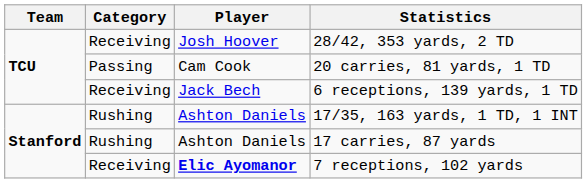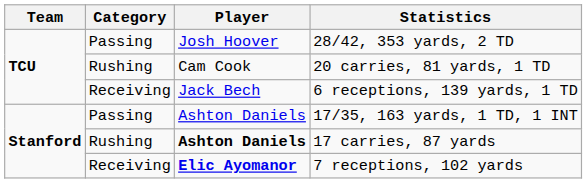 <table class="wikitable" style="float: right;">
 <tr>
 <th>Team</th>
 <th>Category</th>
 <th>Player</th>
 <th>Statistics</th>
 </tr>
 <tr>
 <td rowspan=3><strong>TCU</strong></td>
-<td>Receiving</td>
+<td>Passing</td>
 <td><a href='#'>Josh Hoover</a></td>
 <td>28/42, 353 yards, 2 TD</td>
 </tr>
 <tr>
-<td>Passing</td>
+<td>Rushing</td>
 <td>Cam Cook</td>
 <td>20 carries, 81 yards, 1 TD</td>
 </tr>
 <tr>
 <td>Receiving</td>
 <td><a href='#'>Jack Bech</a></td>
 <td>6 receptions, 139 yards, 1 TD</td>
 </tr>
 <tr>
 <td rowspan=3><strong>Stanford</strong></td>
-<td>Rushing</td>
+<td>Passing</td>
 <td><a href='#'>Ashton Daniels</a></td>
 <td>17/35, 163 yards, 1 TD, 1 INT</td>
 </tr>
 <tr>
 <td>Rushing</td>
-<td>Ashton Daniels</td>
+<td><strong>Ashton Daniels</strong></td>
 <td>17 carries, 87 yards</td>
 </tr>
 <tr>
 <td>Receiving</td>
 <td><strong><a href='#'>Elic Ayomanor</a></strong></td>
 <td>7 receptions, 102 yards</td>
 </tr>
 </table>
